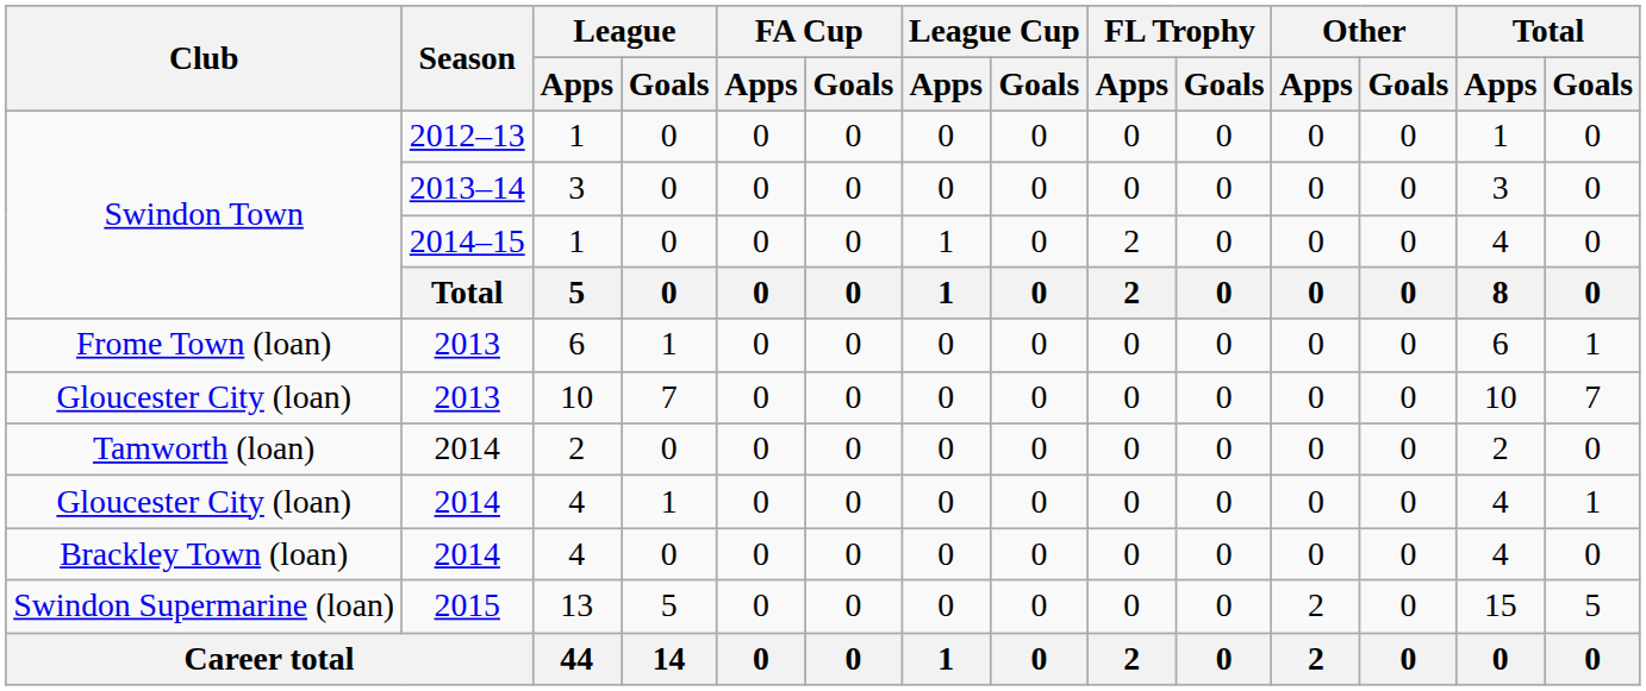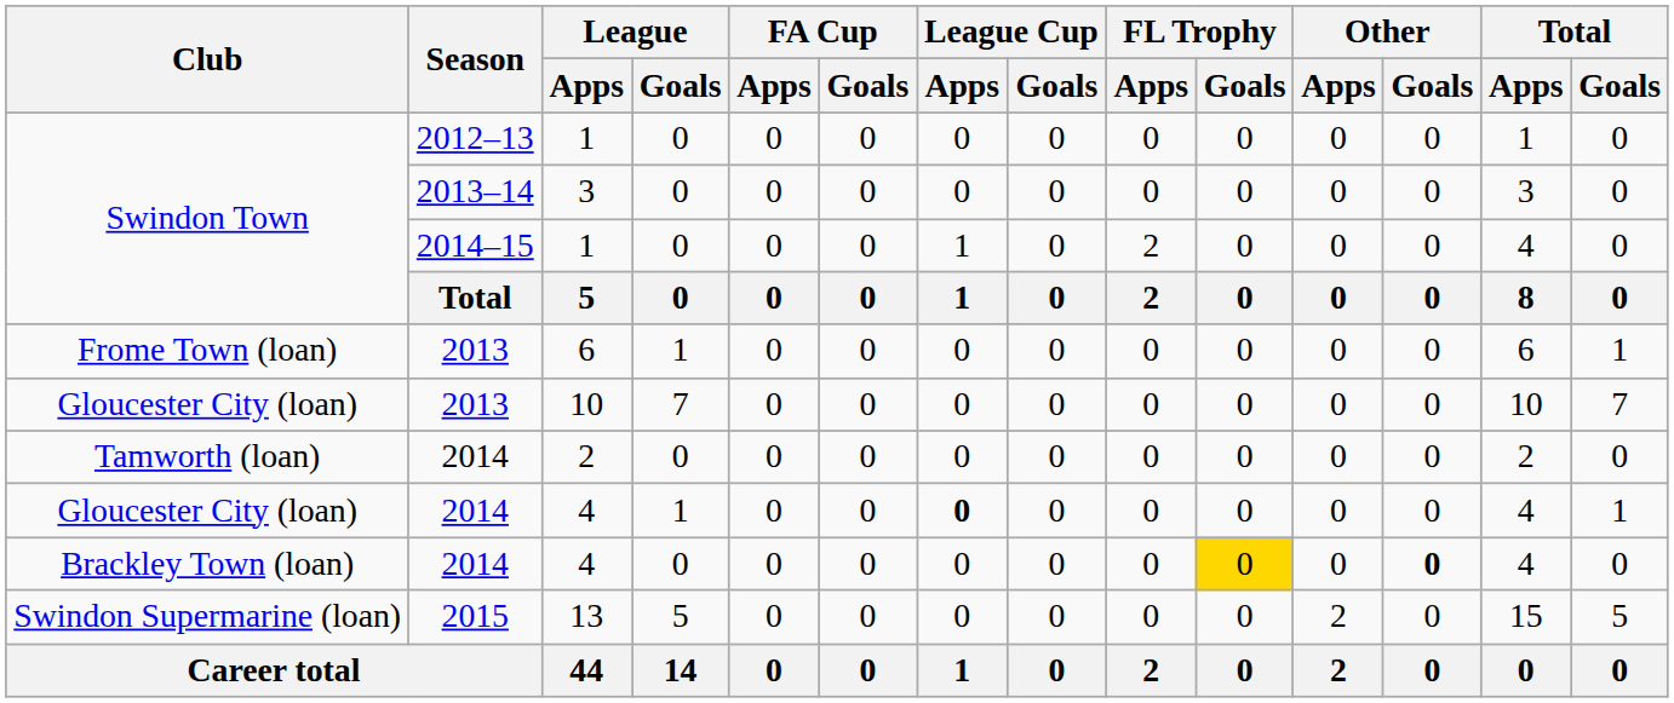 <table class="wikitable" style="text-align: center">
 <tr>
 <th rowspan=2>Club</th>
 <th rowspan=2>Season</th>
 <th colspan=2>League</th>
 <th colspan=2>FA Cup</th>
 <th colspan=2>League Cup</th>
 <th colspan=2>FL Trophy</th>
 <th colspan=2>Other</th>
 <th colspan=2>Total</th>
 </tr>
 <tr>
 <th>Apps</th>
 <th>Goals</th>
 <th>Apps</th>
 <th>Goals</th>
 <th>Apps</th>
 <th>Goals</th>
 <th>Apps</th>
 <th>Goals</th>
 <th>Apps</th>
 <th>Goals</th>
 <th>Apps</th>
 <th>Goals</th>
 </tr>
 <tr>
 <td rowspan="4"><a href='#'>Swindon Town</a></td>
 <td><a href='#'>2012–13</a></td>
 <td>1</td>
 <td>0</td>
 <td>0</td>
 <td>0</td>
 <td>0</td>
 <td>0</td>
 <td>0</td>
 <td>0</td>
 <td>0</td>
 <td>0</td>
 <td>1</td>
 <td>0</td>
 </tr>
 <tr>
 <td><a href='#'>2013–14</a></td>
 <td>3</td>
 <td>0</td>
 <td>0</td>
 <td>0</td>
 <td>0</td>
 <td>0</td>
 <td>0</td>
 <td>0</td>
 <td>0</td>
 <td>0</td>
 <td>3</td>
 <td>0</td>
 </tr>
 <tr>
 <td><a href='#'>2014–15</a></td>
 <td>1</td>
 <td>0</td>
 <td>0</td>
 <td>0</td>
 <td>1</td>
 <td>0</td>
 <td>2</td>
 <td>0</td>
 <td>0</td>
 <td>0</td>
 <td>4</td>
 <td>0</td>
 </tr>
 <tr>
 <th>Total</th>
 <th>5</th>
 <th>0</th>
 <th>0</th>
 <th>0</th>
 <th>1</th>
 <th>0</th>
 <th>2</th>
 <th>0</th>
 <th>0</th>
 <th>0</th>
 <th>8</th>
 <th>0</th>
 </tr>
 <tr>
 <td style="vertical-align:center;"><a href='#'>Frome Town</a> (loan)</td>
 <td><a href='#'>2013</a></td>
 <td>6</td>
 <td>1</td>
 <td>0</td>
 <td>0</td>
 <td>0</td>
 <td>0</td>
 <td>0</td>
 <td>0</td>
 <td>0</td>
 <td>0</td>
 <td>6</td>
 <td>1</td>
 </tr>
 <tr>
 <td style="vertical-align:center;"><a href='#'>Gloucester City</a> (loan)</td>
 <td><a href='#'>2013</a></td>
 <td>10</td>
 <td>7</td>
 <td>0</td>
 <td>0</td>
 <td>0</td>
 <td>0</td>
 <td>0</td>
 <td>0</td>
 <td>0</td>
 <td>0</td>
 <td>10</td>
 <td>7</td>
 </tr>
 <tr>
 <td style="vertical-align:center;"><a href='#'>Tamworth</a> (loan)</td>
 <td>2014</td>
 <td>2</td>
 <td>0</td>
 <td>0</td>
 <td>0</td>
 <td>0</td>
 <td>0</td>
 <td>0</td>
 <td>0</td>
 <td>0</td>
 <td>0</td>
 <td>2</td>
 <td>0</td>
 </tr>
 <tr>
 <td style="vertical-align:center;"><a href='#'>Gloucester City</a> (loan)</td>
 <td><a href='#'>2014</a></td>
 <td>4</td>
 <td>1</td>
 <td>0</td>
 <td>0</td>
-<td>0</td>
+<td><strong>0</strong></td>
 <td>0</td>
 <td>0</td>
 <td>0</td>
 <td>0</td>
 <td>0</td>
 <td>4</td>
 <td>1</td>
 </tr>
 <tr>
 <td style="vertical-align:center;"><a href='#'>Brackley Town</a> (loan)</td>
 <td><a href='#'>2014</a></td>
 <td>4</td>
 <td>0</td>
 <td>0</td>
 <td>0</td>
 <td>0</td>
 <td>0</td>
 <td>0</td>
+<td style="background: gold;">0</td>
 <td>0</td>
-<td>0</td>
-<td>0</td>
+<td><strong>0</strong></td>
 <td>4</td>
 <td>0</td>
 </tr>
 <tr>
 <td style="vertical-align:center;"><a href='#'>Swindon Supermarine</a> (loan)</td>
 <td><a href='#'>2015</a></td>
 <td>13</td>
 <td>5</td>
 <td>0</td>
 <td>0</td>
 <td>0</td>
 <td>0</td>
 <td>0</td>
 <td>0</td>
 <td>2</td>
 <td>0</td>
 <td>15</td>
 <td>5</td>
 </tr>
 <tr>
 <th colspan="2">Career total</th>
 <th>44</th>
 <th>14</th>
 <th>0</th>
 <th>0</th>
 <th>1</th>
 <th>0</th>
 <th>2</th>
 <th>0</th>
 <th>2</th>
 <th>0</th>
 <th>0</th>
 <th>0</th>
 </tr>
 </table>
